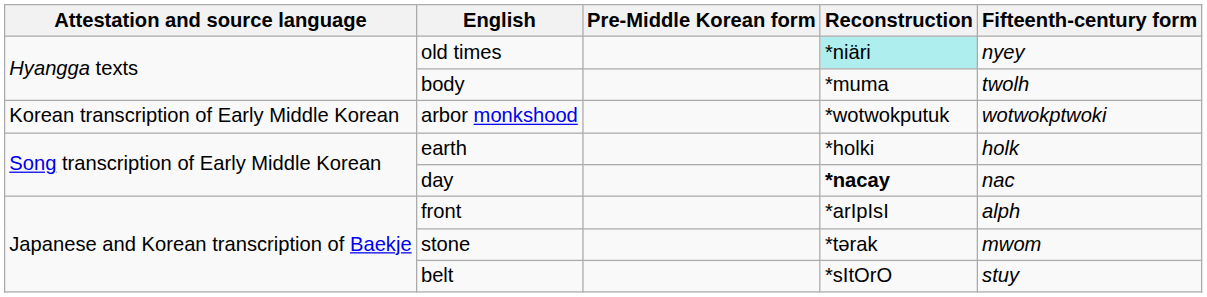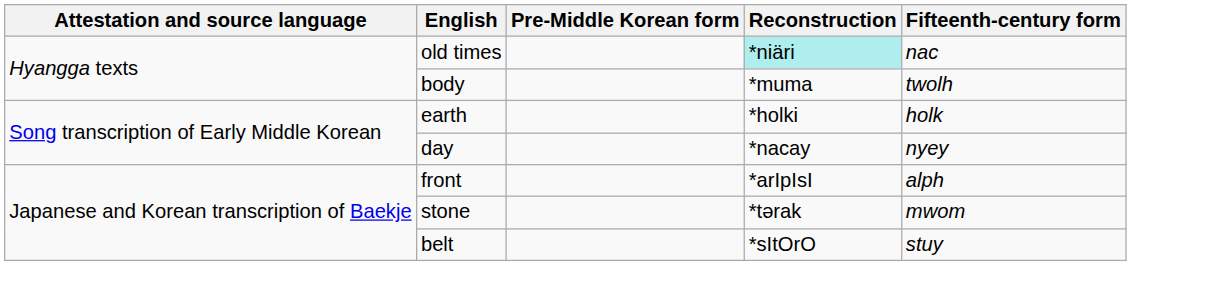 <table class="wikitable">
 <tr>
 <th>Attestation and source language</th>
 <th>English</th>
 <th>Pre-Middle Korean form</th>
 <th>Reconstruction</th>
 <th>Fifteenth-century form</th>
 </tr>
 <tr>
 <td rowspan="2'"><em>Hyangga</em> texts</td>
 <td>old times</td>
 <td></td>
 <td style="background: paleturquoise;">*niäri</td>
-<td> <em>nyey</em></td>
+<td> <em>nac</em></td>
 </tr>
 <tr>
 <td>body</td>
 <td></td>
 <td>*muma</td>
 <td> <em>twolh</em></td>
-</tr>
-<tr>
-<td>Korean transcription of Early Middle Korean</td>
-<td>arbor <a href='#'>monkshood</a></td>
-<td></td>
-<td>*wotwokputuk</td>
-<td> <em>wotwokptwoki</em></td>
 </tr>
 <tr>
 <td rowspan="2'"><a href='#'>Song</a> transcription of Early Middle Korean</td>
 <td>earth</td>
 <td></td>
 <td>*holki</td>
 <td> <em>holk</em></td>
 </tr>
 <tr>
 <td>day</td>
 <td></td>
-<td><strong>*nacay</strong></td>
-<td> <em>nac</em></td>
+<td>*nacay</td>
+<td> <em>nyey</em></td>
 </tr>
 <tr>
 <td rowspan="3">Japanese and Korean transcription of <a href='#'>Baekje</a></td>
 <td>front</td>
 <td></td>
 <td>*arIpIsI</td>
 <td> <em>alph</em></td>
 </tr>
 <tr>
 <td>stone</td>
 <td></td>
 <td>*tərak</td>
 <td> <em>mwom</em></td>
 </tr>
 <tr>
 <td>belt</td>
 <td></td>
 <td>*sItOrO</td>
 <td> <em>stuy</em></td>
 </tr>
 </table>
